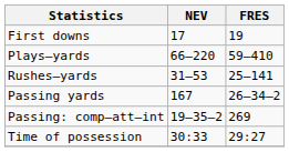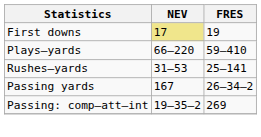 <table class="wikitable" style="float: left;">
 <tr>
 <th>Statistics</th>
 <th>NEV</th>
 <th>FRES</th>
 </tr>
 <tr>
 <td>First downs</td>
-<td>17</td>
+<td style="background: khaki;">17</td>
 <td>19</td>
 </tr>
 <tr>
 <td>Plays–yards</td>
 <td>66–220</td>
 <td>59–410</td>
 </tr>
 <tr>
 <td>Rushes–yards</td>
 <td>31–53</td>
 <td>25–141</td>
 </tr>
 <tr>
 <td>Passing yards</td>
 <td>167</td>
 <td>26–34–2</td>
 </tr>
 <tr>
 <td>Passing: comp–att–int</td>
 <td>19–35–2</td>
 <td>269</td>
 </tr>
 <tr>
-<td>Time of possession</td>
-<td>30:33</td>
-<td>29:27</td>
-</tr>
-<tr>
 </tr>
 </table>
